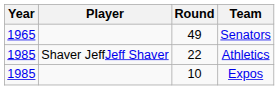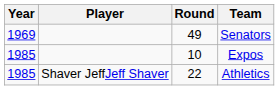 <table class="wikitable sortable">
 <tr>
 <th width=px>Year</th>
 <th width=px>Player</th>
 <th width=px>Round</th>
 <th width=px>Team</th>
 </tr>
 <tr valign="center">
-<td align="center"><a href='#'>1965</a></td>
+<td align="center"><a href='#'>1969</a></td>
 <td align="center"></td>
 <td align="center">49</td>
 <td align="center"><a href='#'>Senators</a></td>
+</tr>
+<tr valign="center">
+<td align="center"><a href='#'>1985</a></td>
+<td align="center"></td>
+<td align="center">10</td>
+<td align="center"><a href='#'>Expos</a></td>
 </tr>
 <tr valign="center">
 <td align="center"><a href='#'>1985</a></td>
 <td align="center"><span>Shaver Jeff</span><a href='#'>Jeff Shaver</a></td>
 <td align="center">22</td>
 <td align="center"><a href='#'>Athletics</a></td>
 </tr>
-<tr valign="center">
-<td align="center"><a href='#'>1985</a></td>
-<td align="center"></td>
-<td align="center">10</td>
-<td align="center"><a href='#'>Expos</a></td>
-</tr>
 </table>
